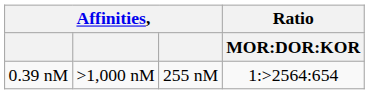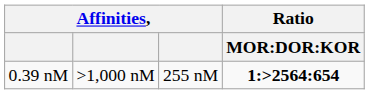 <table class="wikitable" style = "float: right; clear: right; margin-left:15px; text-align:center">
 <tr>
 <th colspan="3"><a href='#'>Affinities</a>, </th>
 <th>Ratio</th>
 </tr>
 <tr>
 <th></th>
 <th></th>
 <th></th>
 <th>MOR:DOR:KOR</th>
 </tr>
 <tr>
 <td>0.39 nM</td>
 <td>>1,000 nM</td>
 <td>255 nM</td>
-<td>1:>2564:654</td>
+<td><strong>1:>2564:654</strong></td>
 </tr>
 </table>
